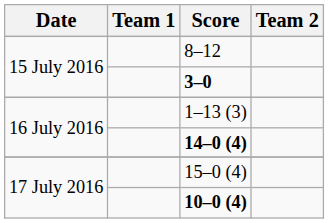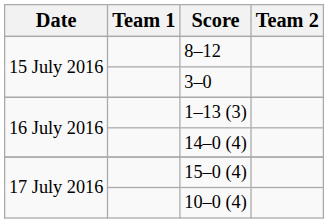 <table class="wikitable">
 <tr>
 <th>Date</th>
 <th>Team 1</th>
 <th>Score</th>
 <th>Team 2</th>
 </tr>
 <tr>
 </tr>
 <tr style=font-size:90%>
 <td rowspan=2>15 July 2016</td>
 <td></td>
 <td>8–12</td>
 <td></td>
 </tr>
 <tr style=font-size:90%>
 <td></td>
-<td><strong>3–0</strong></td>
+<td>3–0</td>
 <td></td>
 </tr>
 <tr>
 </tr>
 <tr style=font-size:90%>
 <td rowspan=2>16 July 2016</td>
 <td></td>
 <td>1–13 (3)</td>
 <td></td>
 </tr>
 <tr style=font-size:90%>
 <td></td>
-<td><strong>14–0 (4)</strong></td>
+<td>14–0 (4)</td>
 <td></td>
 </tr>
 <tr>
 </tr>
 <tr style=font-size:90%>
 <td rowspan=2>17 July 2016</td>
 <td></td>
 <td>15–0 (4)</td>
 <td></td>
 </tr>
 <tr style=font-size:90%>
 <td></td>
-<td><strong>10–0 (4)</strong></td>
+<td>10–0 (4)</td>
 <td></td>
 </tr>
 </table>
